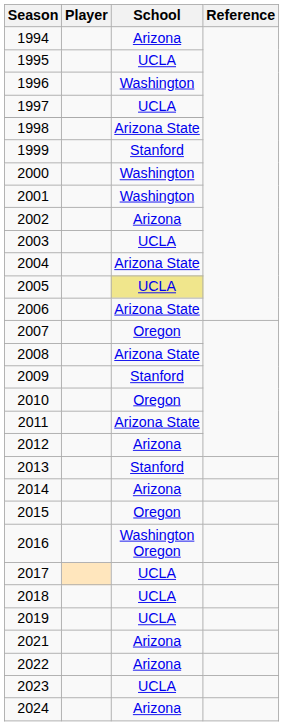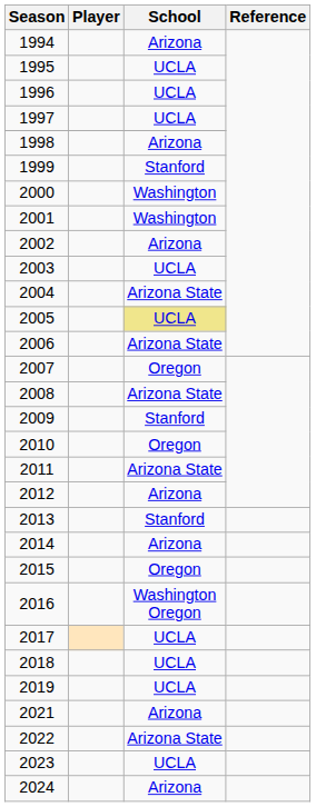 <table class="wikitable sortable">
 <tr>
 <th>Season</th>
 <th>Player</th>
 <th>School</th>
 <th class="unsortable">Reference</th>
 </tr>
 <tr align=center>
 <td>1994</td>
 <td></td>
 <td><a href='#'>Arizona</a></td>
 <td rowspan="14"></td>
 </tr>
 <tr align=center>
 <td>1995</td>
 <td></td>
 <td><a href='#'>UCLA</a></td>
 </tr>
 <tr align=center>
 <td>1996</td>
 <td></td>
-<td><a href='#'>Washington</a></td>
+<td><a href='#'>UCLA</a></td>
 </tr>
 <tr align=center>
 <td>1997</td>
 <td></td>
 <td><a href='#'>UCLA</a></td>
 </tr>
 <tr>
 </tr>
 <tr align=center>
 <td>1998</td>
 <td></td>
-<td><a href='#'>Arizona State</a></td>
+<td><a href='#'>Arizona</a></td>
 </tr>
 <tr align=center>
 <td>1999</td>
 <td></td>
 <td><a href='#'>Stanford</a></td>
 </tr>
 <tr align=center>
 <td>2000</td>
 <td></td>
 <td><a href='#'>Washington</a></td>
 </tr>
 <tr align=center>
 <td>2001</td>
 <td></td>
 <td><a href='#'>Washington</a></td>
 </tr>
 <tr align=center>
 <td>2002</td>
 <td></td>
 <td><a href='#'>Arizona</a></td>
 </tr>
 <tr align=center>
 <td>2003</td>
 <td></td>
 <td><a href='#'>UCLA</a></td>
 </tr>
 <tr align=center>
 <td>2004</td>
 <td></td>
 <td><a href='#'>Arizona State</a></td>
 </tr>
 <tr align=center>
 <td>2005</td>
 <td></td>
 <td style="background: khaki;"><a href='#'>UCLA</a></td>
 </tr>
 <tr align=center>
 <td>2006</td>
 <td></td>
 <td><a href='#'>Arizona State</a></td>
 </tr>
 <tr align=center>
 <td>2007</td>
 <td></td>
 <td><a href='#'>Oregon</a></td>
 </tr>
 <tr align=center>
 <td>2008</td>
 <td></td>
 <td><a href='#'>Arizona State</a></td>
 </tr>
 <tr align=center>
 <td>2009</td>
 <td></td>
 <td><a href='#'>Stanford</a></td>
 </tr>
 <tr align=center>
 <td>2010</td>
 <td></td>
 <td><a href='#'>Oregon</a></td>
 </tr>
 <tr align=center>
 <td>2011</td>
 <td></td>
 <td><a href='#'>Arizona State</a></td>
 </tr>
 <tr align=center>
 <td>2012</td>
 <td></td>
 <td><a href='#'>Arizona</a></td>
 </tr>
 <tr align=center>
 <td>2013</td>
 <td></td>
 <td><a href='#'>Stanford</a></td>
 <td style="text-align:center;"></td>
 </tr>
 <tr align=center>
 <td>2014</td>
 <td></td>
 <td><a href='#'>Arizona</a></td>
 <td style="text-align:center;"></td>
 </tr>
 <tr align=center>
 <td>2015</td>
 <td></td>
 <td><a href='#'>Oregon</a></td>
 <td style="text-align:center;"></td>
 </tr>
 <tr align=center>
 <td>2016</td>
 <td> <br></td>
 <td><a href='#'>Washington</a><br><a href='#'>Oregon</a></td>
 <td style="text-align:center;"></td>
 </tr>
 <tr align=center>
 <td>2017</td>
 <td style="background:#ffe6bd;"></td>
 <td><a href='#'>UCLA</a></td>
 <td style="text-align:center;"></td>
 </tr>
 <tr align=center>
 <td>2018</td>
 <td></td>
 <td><a href='#'>UCLA</a></td>
 <td style="text-align:center;"></td>
 </tr>
 <tr align=center>
 <td>2019</td>
 <td></td>
 <td><a href='#'>UCLA</a></td>
 <td style="text-align:center;"></td>
 </tr>
 <tr align=center>
 <td>2021</td>
 <td></td>
 <td><a href='#'>Arizona</a></td>
 <td style="text-align:center;"></td>
 </tr>
 <tr align=center>
 <td>2022</td>
 <td></td>
-<td><a href='#'>Arizona</a></td>
+<td><a href='#'>Arizona State</a></td>
 <td style="text-align:center;"></td>
 </tr>
 <tr align=center>
 <td>2023</td>
 <td></td>
 <td><a href='#'>UCLA</a></td>
 <td style="text-align:center;"></td>
 </tr>
 <tr align=center>
 <td>2024</td>
 <td></td>
 <td><a href='#'>Arizona</a></td>
 <td style="text-align:center;"></td>
 </tr>
 </table>
